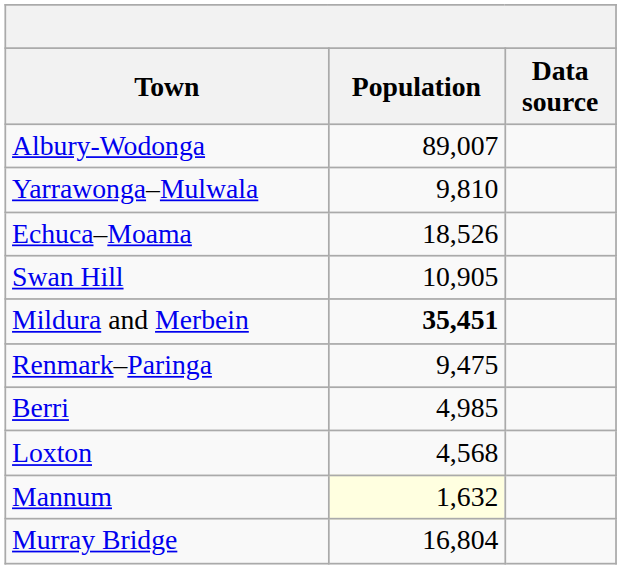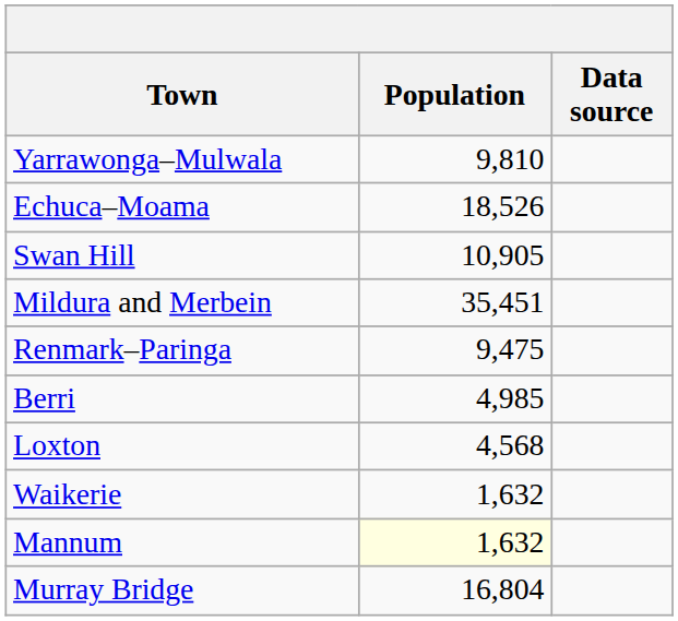 <table class="wikitable floatleft" style="margin:0.5em auto; width:40%; center:86%; :1em; :2em; :1em">
 <tr>
 <th colspan="3"><br></th>
 </tr>
 <tr>
 <th>Town</th>
 <th>Population</th>
 <th>Data<br>source</th>
-</tr>
-<tr>
-<td><a href='#'>Albury-Wodonga</a></td>
-<td align=right>89,007</td>
-<td></td>
 </tr>
 <tr>
 <td><a href='#'>Yarrawonga</a>–<a href='#'>Mulwala</a></td>
 <td align=right>9,810</td>
 <td></td>
 </tr>
 <tr>
 <td><a href='#'>Echuca</a>–<a href='#'>Moama</a></td>
 <td align=right>18,526</td>
 <td></td>
 </tr>
 <tr>
 <td><a href='#'>Swan Hill</a></td>
 <td align=right>10,905</td>
 <td></td>
 </tr>
 <tr>
 <td><a href='#'>Mildura</a> and <a href='#'>Merbein</a></td>
-<td align=right><strong>35,451</strong></td>
+<td align=right>35,451</td>
 <td></td>
 </tr>
 <tr>
 <td><a href='#'>Renmark</a>–<a href='#'>Paringa</a></td>
 <td align=right>9,475</td>
 <td></td>
 </tr>
 <tr>
 <td><a href='#'>Berri</a></td>
 <td align=right>4,985</td>
 <td></td>
 </tr>
 <tr>
 <td><a href='#'>Loxton</a></td>
 <td align=right>4,568</td>
 <td></td>
 </tr>
 <tr>
+<td><a href='#'>Waikerie</a></td>
+<td align=right>1,632</td>
+<td></td>
+</tr>
+<tr>
 <td><a href='#'>Mannum</a></td>
 <td align=right style="background: lightyellow;">1,632</td>
 <td></td>
 </tr>
 <tr>
 <td><a href='#'>Murray Bridge</a></td>
 <td align=right>16,804</td>
 <td></td>
 </tr>
 </table>
